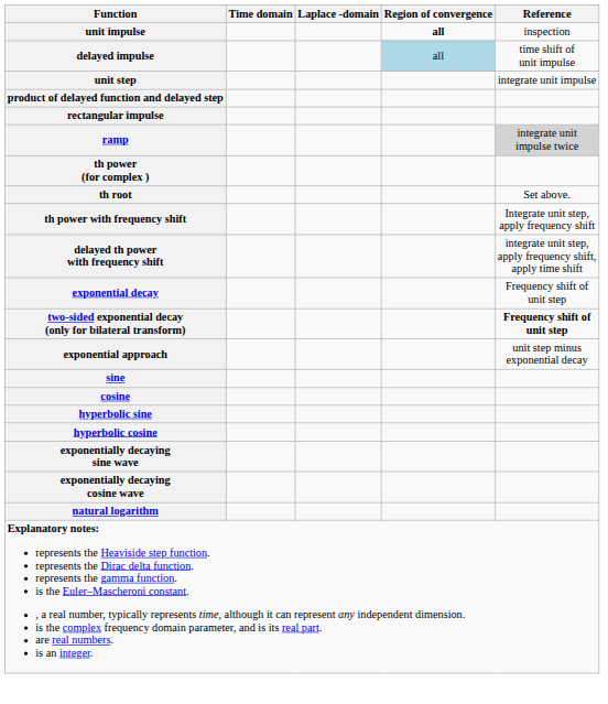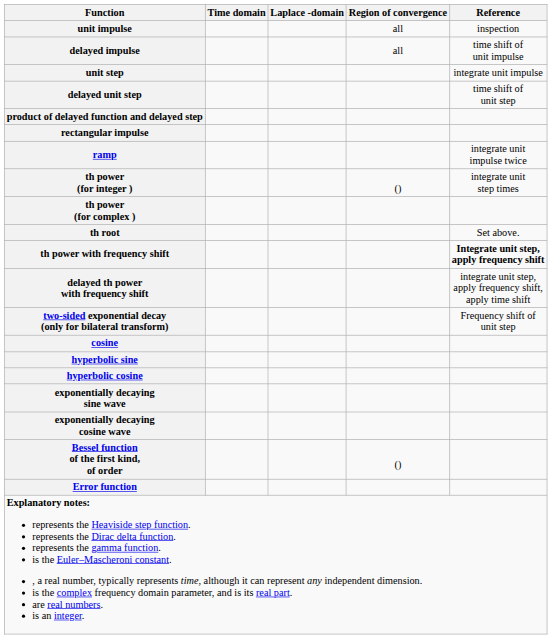 <table class="wikitable" style="text-align: center;">
 <tr>
 <th scope="col">Function</th>
 <th scope="col">Time domain <br></th>
 <th scope="col">Laplace -domain <br></th>
 <th scope="col">Region of convergence</th>
 <th scope="col">Reference</th>
 </tr>
 <tr>
 <th scope="row">unit impulse</th>
 <td></td>
 <td></td>
-<td><strong>all </strong></td>
+<td>all </td>
 <td>inspection</td>
 </tr>
 <tr>
 <th scope="row">delayed impulse</th>
 <td></td>
 <td></td>
-<td style="background: lightblue;">all </td>
+<td>all </td>
 <td>time shift of<br>unit impulse</td>
 </tr>
 <tr>
 <th scope="row">unit step</th>
 <td></td>
 <td></td>
 <td></td>
 <td>integrate unit impulse</td>
+</tr>
+<tr>
+<th scope="row">delayed unit step</th>
+<td></td>
+<td></td>
+<td></td>
+<td>time shift of<br>unit step</td>
 </tr>
 <tr>
 <th scope="row">product of delayed function and delayed step</th>
 <td></td>
 <td></td>
 <td></td>
 <td></td>
 </tr>
 <tr>
 <th>rectangular impulse</th>
 <td></td>
 <td></td>
 <td></td>
 <td></td>
 </tr>
 <tr>
 <th scope="row"><a href='#'>ramp</a></th>
 <td></td>
 <td></td>
 <td></td>
-<td style="background: lightgrey;">integrate unit<br>impulse twice</td>
+<td>integrate unit<br>impulse twice</td>
+</tr>
+<tr>
+<th scope="row">th power <br> (for integer )</th>
+<td></td>
+<td></td>
+<td> <br> ()</td>
+<td>integrate unit<br>step  times</td>
 </tr>
 <tr>
 <th scope="row">th power <br> (for complex )</th>
 <td></td>
 <td></td>
 <td>  <br></td>
 <td></td>
 </tr>
 <tr>
 <th scope="row">th root</th>
 <td></td>
 <td></td>
 <td></td>
 <td>Set  above.</td>
 </tr>
 <tr>
 <th scope="row">th power with frequency shift</th>
 <td></td>
 <td></td>
 <td></td>
-<td>Integrate unit step,<br>apply frequency shift</td>
+<td><strong>Integrate unit step,<br>apply frequency shift</strong></td>
 </tr>
 <tr>
 <th scope="row">delayed th power <br> with frequency shift</th>
 <td></td>
 <td></td>
 <td></td>
 <td>integrate unit step,<br>apply frequency shift,<br>apply time shift</td>
 </tr>
 <tr>
-<th scope="row"><a href='#'>exponential decay</a></th>
+<th scope="row"><a href='#'>two-sided</a> exponential decay <br>(only for bilateral transform)</th>
 <td></td>
 <td></td>
 <td></td>
 <td>Frequency shift of<br>unit step</td>
-</tr>
-<tr>
-<th scope="row"><a href='#'>two-sided</a> exponential decay <br>(only for bilateral transform)</th>
-<td></td>
-<td></td>
-<td></td>
-<td><strong>Frequency shift of<br>unit step</strong></td>
-</tr>
-<tr>
-<th scope="row">exponential approach</th>
-<td></td>
-<td></td>
-<td></td>
-<td>unit step minus<br>exponential decay</td>
-</tr>
-<tr>
-<th scope="row"><a href='#'>sine</a></th>
-<td></td>
-<td></td>
-<td></td>
-<td></td>
 </tr>
 <tr>
 <th scope="row"><a href='#'>cosine</a></th>
 <td></td>
 <td></td>
 <td></td>
 <td></td>
 </tr>
 <tr>
 <th scope="row"><a href='#'>hyperbolic sine</a></th>
 <td></td>
 <td></td>
 <td></td>
 <td></td>
 </tr>
 <tr>
 <th scope="row"><a href='#'>hyperbolic cosine</a></th>
 <td></td>
 <td></td>
 <td></td>
 <td></td>
 </tr>
 <tr>
 <th scope="row">exponentially decaying <br> sine wave</th>
 <td></td>
 <td></td>
 <td></td>
 <td></td>
 </tr>
 <tr>
 <th scope="row">exponentially decaying <br> cosine wave</th>
 <td></td>
 <td></td>
 <td></td>
 <td></td>
 </tr>
 <tr>
-<th scope="row"><a href='#'>natural logarithm</a></th>
+<th scope="row"><a href='#'>Bessel function</a> <br> of the first kind, <br> of order </th>
+<td></td>
+<td></td>
+<td> <br> ()</td>
+<td></td>
+</tr>
+<tr>
+<th scope="row"><a href='#'>Error function</a></th>
 <td></td>
 <td></td>
 <td></td>
 <td></td>
 </tr>
 <tr>
 <td colspan=5 style="text-align: left;"><strong>Explanatory notes:</strong><br> <ul><li> represents the <a href='#'>Heaviside step function</a>.</li><li>  represents the <a href='#'>Dirac delta function</a>.</li><li> represents the <a href='#'>gamma function</a>.</li><li> is the <a href='#'>Euler&ndash;Mascheroni constant</a>.</li></ul><ul><li>, a real number, typically represents <em>time</em>, although it can represent <em>any</em> independent dimension.</li><li> is the <a href='#'>complex</a> frequency domain parameter, and   is its <a href='#'>real part</a>.</li><li> are <a href='#'>real numbers</a>.</li><li> is an <a href='#'>integer</a>.</li></ul></td>
 </tr>
 </table>
